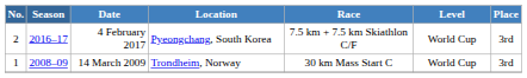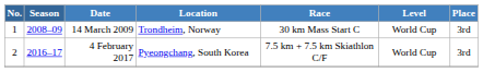 <table class="wikitable sortable" style="font-size:95%; text-align:center; border:grey solid 1px; border-collapse:collapse; background:#ffffff;">
 <tr style="background:#efefef;">
 <th style="background-color:#369; color:white;">No.</th>
 <th style="background-color:#369; color:white;">Season</th>
 <th style="background-color:#4180be; color:white; width:100px;">Date</th>
 <th style="background-color:#4180be; color:white; width:180px;">Location</th>
 <th style="background-color:#4180be; color:white; width:170px;">Race</th>
 <th style="background-color:#4180be; color:white; width:100px;">Level</th>
 <th style="background-color:#4180be; color:white;">Place</th>
 </tr>
 <tr>
+<td align=center>1</td>
+<td rowspan=1 align=center><a href='#'>2008–09</a></td>
+<td align=right>14 March 2009</td>
+<td align=left> <a href='#'>Trondheim</a>, Norway</td>
+<td>30 km Mass Start C</td>
+<td>World Cup</td>
+<td>3rd</td>
+</tr>
+<tr>
 <td align=center>2</td>
 <td rowspan=1 align=center><a href='#'>2016–17</a></td>
 <td align=right>4 February 2017</td>
 <td align=left> <a href='#'>Pyeongchang</a>, South Korea</td>
 <td>7.5 km + 7.5 km Skiathlon C/F</td>
 <td>World Cup</td>
 <td>3rd</td>
 </tr>
 <tr>
-<td align=center>1</td>
-<td rowspan=1 align=center><a href='#'>2008–09</a></td>
-<td align=right>14 March 2009</td>
-<td align=left> <a href='#'>Trondheim</a>, Norway</td>
-<td>30 km Mass Start C</td>
-<td>World Cup</td>
-<td>3rd</td>
-</tr>
-<tr>
 </tr>
 </table>
